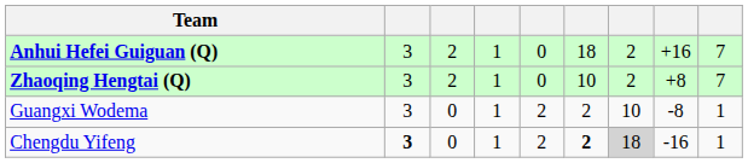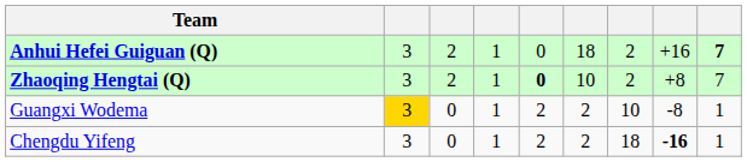 <table class="wikitable" style="text-align:center;">
 <tr>
 <th width=310>Team</th>
 <th width=30></th>
 <th width=30></th>
 <th width=30></th>
 <th width=30></th>
 <th width=30></th>
 <th width=30></th>
 <th width=30></th>
 <th width=30></th>
 </tr>
 <tr bgcolor="#ccffcc">
 <td align="left"><strong><a href='#'>Anhui Hefei Guiguan</a> (Q)</strong></td>
 <td>3</td>
 <td>2</td>
 <td>1</td>
 <td>0</td>
 <td>18</td>
 <td>2</td>
 <td>+16</td>
-<td>7</td>
+<td><strong>7</strong></td>
 </tr>
 <tr bgcolor="#ccffcc">
 <td align="left"><strong><a href='#'>Zhaoqing Hengtai</a> (Q)</strong></td>
 <td>3</td>
 <td>2</td>
 <td>1</td>
-<td>0</td>
+<td><strong>0</strong></td>
 <td>10</td>
 <td>2</td>
 <td>+8</td>
 <td>7</td>
 </tr>
 <tr>
 <td align="left"><a href='#'>Guangxi Wodema</a></td>
-<td>3</td>
+<td style="background: gold;">3</td>
 <td>0</td>
 <td>1</td>
 <td>2</td>
 <td>2</td>
 <td>10</td>
 <td>-8</td>
 <td>1</td>
 </tr>
 <tr>
 <td align="left"><a href='#'>Chengdu Yifeng</a></td>
-<td><strong>3</strong></td>
+<td>3</td>
 <td>0</td>
 <td>1</td>
 <td>2</td>
-<td><strong>2</strong></td>
-<td style="background: lightgrey;">18</td>
-<td>-16</td>
+<td>2</td>
+<td>18</td>
+<td><strong>-16</strong></td>
 <td>1</td>
 </tr>
 </table>
